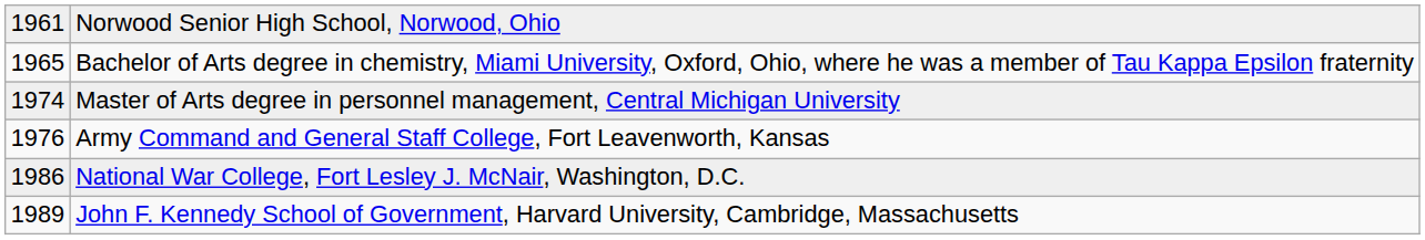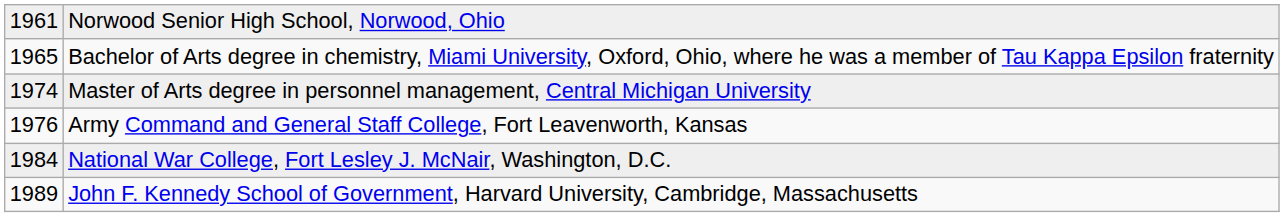 <table class="wikitable">
 <tr style="background:#efefef;">
 <td>1961</td>
 <td style="text-align:left;">Norwood Senior High School, <a href='#'>Norwood, Ohio</a></td>
 </tr>
 <tr>
 <td>1965</td>
 <td>Bachelor of Arts degree in chemistry, <a href='#'>Miami University</a>, Oxford, Ohio, where he was a member of <a href='#'>Tau Kappa Epsilon</a> fraternity</td>
 </tr>
 <tr style="background:#efefef;">
 <td>1974</td>
 <td style="text-align:left;">Master of Arts degree in personnel management, <a href='#'>Central Michigan University</a></td>
 </tr>
 <tr>
 <td>1976</td>
 <td>Army <a href='#'>Command and General Staff College</a>, Fort Leavenworth, Kansas</td>
 </tr>
 <tr style="background:#efefef;">
-<td>1986</td>
+<td>1984</td>
 <td style="text-align:left;"><a href='#'>National War College</a>, <a href='#'>Fort Lesley J. McNair</a>, Washington, D.C.</td>
 </tr>
 <tr>
 <td>1989</td>
 <td><a href='#'>John F. Kennedy School of Government</a>, Harvard University, Cambridge, Massachusetts</td>
 </tr>
 </table>
